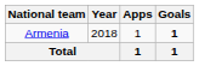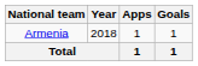 <table class="wikitable" style="text-align:center">
 <tr>
 <th>National team</th>
 <th>Year</th>
 <th>Apps</th>
 <th>Goals</th>
 </tr>
 <tr>
 <td><a href='#'>Armenia</a></td>
 <td>2018</td>
 <td>1</td>
-<td><strong>1</strong></td>
+<td>1</td>
 </tr>
 <tr>
 <th colspan="2">Total</th>
 <th>1</th>
 <th>1</th>
 </tr>
 </table>
